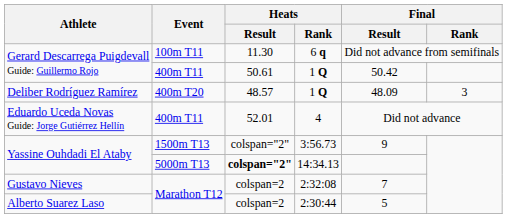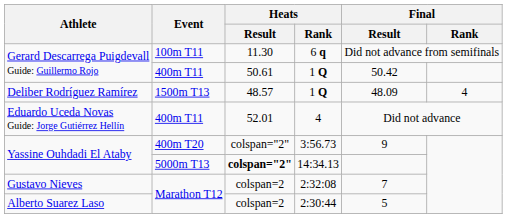 <table class=wikitable style="font-size:90%">
 <tr>
 <th rowspan="2">Athlete</th>
 <th rowspan="2">Event</th>
 <th colspan="2">Heats</th>
 <th colspan="2">Final</th>
 </tr>
 <tr>
 <th>Result</th>
 <th>Rank</th>
 <th>Result</th>
 <th>Rank</th>
 </tr>
 <tr align="center">
 <td align="left" rowspan="2"><a href='#'>Gerard Descarrega Puigdevall</a><br><small>Guide: <a href='#'>Guillermo Rojo</a></small></td>
 <td align="left"><a href='#'>100m T11</a></td>
 <td>11.30</td>
 <td>6 <strong>q</strong></td>
 <td colspan="2">Did not advance from semifinals</td>
 </tr>
 <tr align="center">
 <td align="left"><a href='#'>400m T11</a></td>
 <td>50.61</td>
 <td>1 <strong>Q</strong></td>
 <td>50.42</td>
 <td></td>
 </tr>
 <tr align=center>
 <td align=left><a href='#'>Deliber Rodríguez Ramírez</a></td>
-<td align=left><a href='#'>400m T20</a></td>
+<td align="left"><a href='#'>1500m T13</a></td>
 <td>48.57</td>
 <td>1 <strong>Q</strong></td>
 <td>48.09</td>
-<td>3</td>
+<td>4</td>
 </tr>
 <tr align=center>
 <td align="left"><a href='#'>Eduardo Uceda Novas</a><br><small>Guide: <a href='#'>Jorge Gutiérrez Hellín</a></small></td>
 <td align="left"><a href='#'>400m T11</a></td>
 <td>52.01</td>
 <td>4</td>
 <td colspan="2">Did not advance</td>
 </tr>
 <tr align=center>
 <td rowspan="2" align="left"><a href='#'>Yassine Ouhdadi El Ataby</a></td>
-<td align="left"><a href='#'>1500m T13</a></td>
+<td align=left><a href='#'>400m T20</a></td>
 <td>colspan="2" </td>
 <td>3:56.73</td>
 <td>9</td>
 </tr>
 <tr align=center>
 <td align=left><a href='#'>5000m T13</a></td>
 <td><strong>colspan="2" </strong></td>
 <td>14:34.13</td>
 <td></td>
 </tr>
 <tr align=center>
 <td align=left><a href='#'>Gustavo Nieves</a></td>
 <td align=left rowspan=2><a href='#'>Marathon T12</a></td>
 <td>colspan=2 </td>
 <td>2:32:08</td>
 <td>7</td>
 </tr>
 <tr align=center>
 <td align=left><a href='#'>Alberto Suarez Laso</a></td>
 <td>colspan=2 </td>
 <td>2:30:44</td>
 <td>5</td>
 </tr>
 </table>
